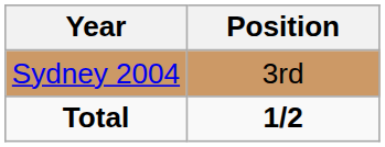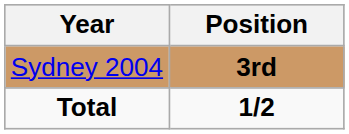 <table class="wikitable" style="text-align: center;">
 <tr>
 <th>Year</th>
 <th width="100">Position</th>
 </tr>
 <tr bgcolor=#cc9966>
 <td><a href='#'>Sydney 2004</a></td>
-<td>3rd</td>
+<td><strong>3rd</strong></td>
 </tr>
 <tr>
 <td><strong>Total</strong></td>
 <td><strong>1/2</strong></td>
 </tr>
 </table>
